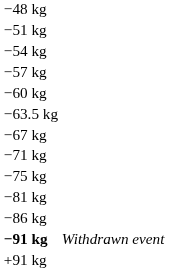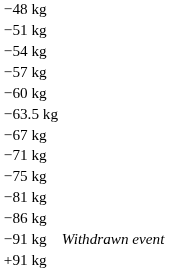 <table>
 <tr>
 <td rowspan=2>−48 kg</td>
 <td rowspan=2></td>
 <td rowspan=2></td>
 <td></td>
 </tr>
 <tr>
 <td></td>
 </tr>
 <tr>
 <td rowspan=2>−51 kg</td>
 <td rowspan=2></td>
 <td rowspan=2></td>
 <td></td>
 </tr>
 <tr>
 <td></td>
 </tr>
 <tr>
 <td rowspan=2>−54 kg</td>
 <td rowspan=2></td>
 <td rowspan=2></td>
 <td></td>
 </tr>
 <tr>
 <td></td>
 </tr>
 <tr>
 <td rowspan=2>−57 kg</td>
 <td rowspan=2></td>
 <td rowspan=2></td>
 <td></td>
 </tr>
 <tr>
 <td></td>
 </tr>
 <tr>
 <td rowspan=2>−60 kg</td>
 <td rowspan=2></td>
 <td rowspan=2></td>
 <td></td>
 </tr>
 <tr>
 <td></td>
 </tr>
 <tr>
 <td rowspan=2>−63.5 kg</td>
 <td rowspan=2></td>
 <td rowspan=2></td>
 <td></td>
 </tr>
 <tr>
 <td></td>
 </tr>
 <tr>
 <td rowspan=2>−67 kg</td>
 <td rowspan=2></td>
 <td rowspan=2></td>
 <td></td>
 </tr>
 <tr>
 <td></td>
 </tr>
 <tr>
 <td rowspan=2>−71 kg</td>
 <td rowspan=2></td>
 <td rowspan=2></td>
 <td></td>
 </tr>
 <tr>
 <td></td>
 </tr>
 <tr>
 <td rowspan=2>−75 kg</td>
 <td rowspan=2></td>
 <td rowspan=2></td>
 <td></td>
 </tr>
 <tr>
 <td></td>
 </tr>
 <tr>
 <td rowspan=2>−81 kg</td>
 <td rowspan=2></td>
 <td rowspan=2></td>
 <td></td>
 </tr>
 <tr>
 <td></td>
 </tr>
 <tr>
 <td rowspan=2>−86 kg</td>
 <td rowspan=2></td>
 <td rowspan=2></td>
 <td></td>
 </tr>
 <tr>
 <td></td>
 </tr>
 <tr>
-<td><strong>−91 kg</strong></td>
+<td>−91 kg</td>
 <td colspan=3 align=center><em>Withdrawn event</em></td>
 </tr>
 <tr>
 <td rowspan=2>+91 kg</td>
 <td rowspan=2></td>
 <td rowspan=2></td>
 <td></td>
 </tr>
 <tr>
 <td></td>
 </tr>
 <tr>
 </tr>
 </table>
